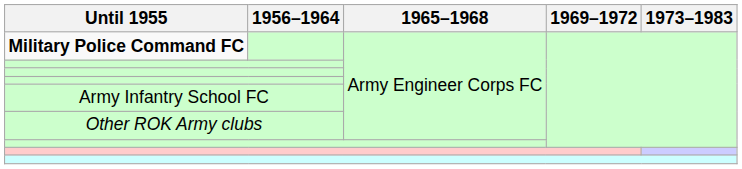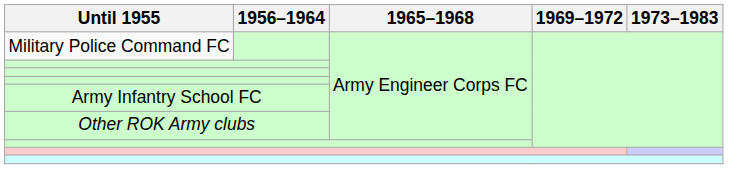 <table class=wikitable style="text-align:center">
 <tr>
 <th>Until 1955</th>
 <th>1956–1964</th>
 <th>1965–1968</th>
 <th>1969–1972</th>
 <th>1973–1983</th>
 </tr>
 <tr>
-<td><strong>Military Police Command FC</strong></td>
+<td>Military Police Command FC</td>
 <td bgcolor="#ccffcc"></td>
 <td bgcolor="#ccffcc" rowspan="6">Army Engineer Corps FC</td>
 <td bgcolor="#ccffcc" colspan="2" rowspan="7"></td>
 </tr>
 <tr>
 <td bgcolor="#ccffcc" colspan="2"></td>
 </tr>
 <tr>
 <td bgcolor="#ccffcc" colspan="2"></td>
 </tr>
 <tr>
 <td bgcolor="#ccffcc" colspan="2"></td>
 </tr>
 <tr>
 <td bgcolor="#ccffcc" colspan="2">Army Infantry School FC</td>
 </tr>
 <tr>
 <td bgcolor="#ccffcc" colspan="2"><em>Other ROK Army clubs</em></td>
 </tr>
 <tr>
 <td bgcolor="#ccffcc" colspan="3"></td>
 </tr>
 <tr>
 <td bgcolor="#ffcccc" colspan="4"></td>
 <td bgcolor="#ccccff"></td>
 </tr>
 <tr>
 <td bgcolor="#ccffff" colspan="5"></td>
 </tr>
 </table>
